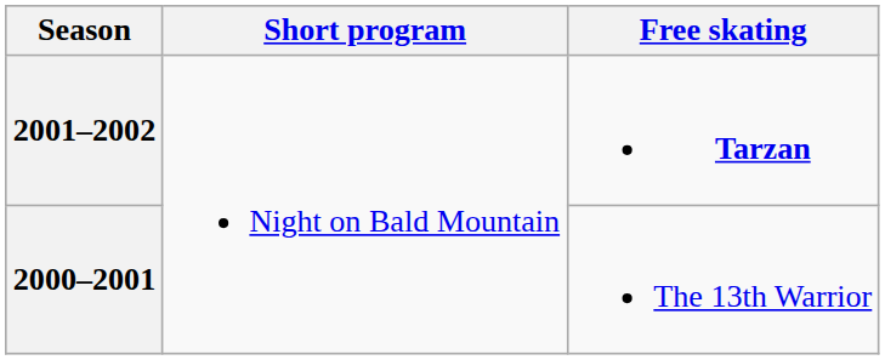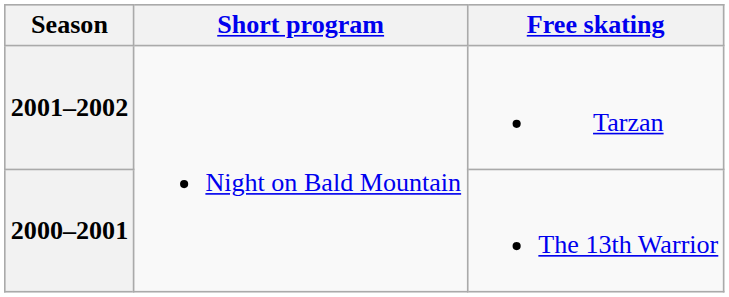 <table class=wikitable style=text-align:center>
 <tr>
 <th>Season</th>
 <th><a href='#'>Short program</a></th>
 <th><a href='#'>Free skating</a></th>
 </tr>
 <tr>
 <th>2001–2002 <br> </th>
 <td rowspan=2><br><ul><li><a href='#'>Night on Bald Mountain</a> <br></li></ul></td>
-<td><strong><br><ul><li><a href='#'>Tarzan</a> <br></li></ul></strong></td>
+<td><br><ul><li><a href='#'>Tarzan</a> <br></li></ul></td>
 </tr>
 <tr>
 <th>2000–2001 <br> </th>
 <td><br><ul><li><a href='#'>The 13th Warrior</a> <br></li></ul></td>
 </tr>
 </table>
